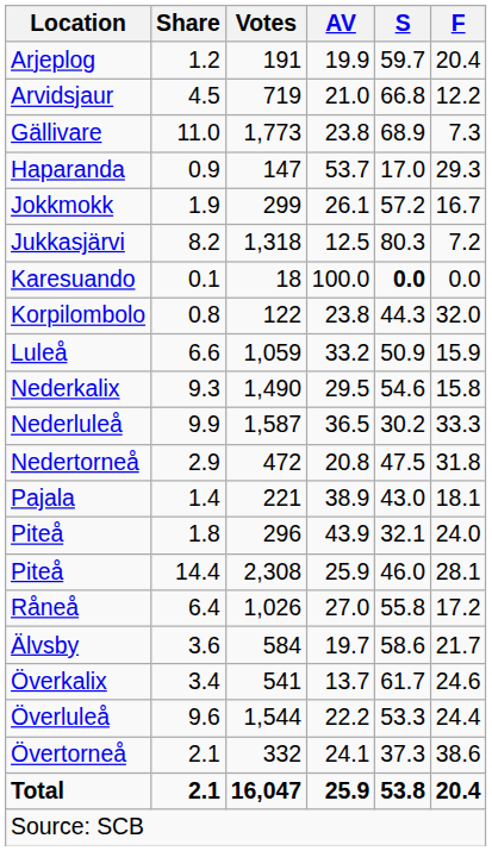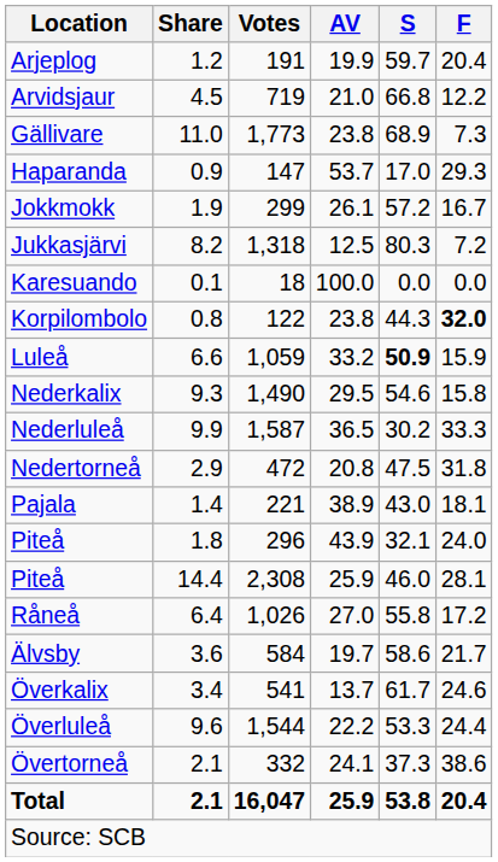 <table class="wikitable sortable" style=text-align:right>
 <tr>
 <th>Location</th>
 <th>Share</th>
 <th>Votes</th>
 <th><a href='#'>AV</a></th>
 <th><a href='#'>S</a></th>
 <th><a href='#'>F</a></th>
 </tr>
 <tr>
 <td align=left><a href='#'>Arjeplog</a></td>
 <td>1.2</td>
 <td>191</td>
 <td>19.9</td>
 <td>59.7</td>
 <td>20.4</td>
 </tr>
 <tr>
 <td align=left><a href='#'>Arvidsjaur</a></td>
 <td>4.5</td>
 <td>719</td>
 <td>21.0</td>
 <td>66.8</td>
 <td>12.2</td>
 </tr>
 <tr>
 <td align=left><a href='#'>Gällivare</a></td>
 <td>11.0</td>
 <td>1,773</td>
 <td>23.8</td>
 <td>68.9</td>
 <td>7.3</td>
 </tr>
 <tr>
 <td align=left><a href='#'>Haparanda</a></td>
 <td>0.9</td>
 <td>147</td>
 <td>53.7</td>
 <td>17.0</td>
 <td>29.3</td>
 </tr>
 <tr>
 <td align=left><a href='#'>Jokkmokk</a></td>
 <td>1.9</td>
 <td>299</td>
 <td>26.1</td>
 <td>57.2</td>
 <td>16.7</td>
 </tr>
 <tr>
 <td align=left><a href='#'>Jukkasjärvi</a></td>
 <td>8.2</td>
 <td>1,318</td>
 <td>12.5</td>
 <td>80.3</td>
 <td>7.2</td>
 </tr>
 <tr>
 <td align=left><a href='#'>Karesuando</a></td>
 <td>0.1</td>
 <td>18</td>
 <td>100.0</td>
-<td><strong>0.0</strong></td>
+<td>0.0</td>
 <td>0.0</td>
 </tr>
 <tr>
 <td align=left><a href='#'>Korpilombolo</a></td>
 <td>0.8</td>
 <td>122</td>
 <td>23.8</td>
 <td>44.3</td>
-<td>32.0</td>
+<td><strong>32.0</strong></td>
 </tr>
 <tr>
 <td align=left><a href='#'>Luleå</a></td>
 <td>6.6</td>
 <td>1,059</td>
 <td>33.2</td>
-<td>50.9</td>
+<td><strong>50.9</strong></td>
 <td>15.9</td>
 </tr>
 <tr>
 <td align=left><a href='#'>Nederkalix</a></td>
 <td>9.3</td>
 <td>1,490</td>
 <td>29.5</td>
 <td>54.6</td>
 <td>15.8</td>
 </tr>
 <tr>
 <td align=left><a href='#'>Nederluleå</a></td>
 <td>9.9</td>
 <td>1,587</td>
 <td>36.5</td>
 <td>30.2</td>
 <td>33.3</td>
 </tr>
 <tr>
 <td align=left><a href='#'>Nedertorneå</a></td>
 <td>2.9</td>
 <td>472</td>
 <td>20.8</td>
 <td>47.5</td>
 <td>31.8</td>
 </tr>
 <tr>
 <td align=left><a href='#'>Pajala</a></td>
 <td>1.4</td>
 <td>221</td>
 <td>38.9</td>
 <td>43.0</td>
 <td>18.1</td>
 </tr>
 <tr>
 <td align=left><a href='#'>Piteå</a></td>
 <td>1.8</td>
 <td>296</td>
 <td>43.9</td>
 <td>32.1</td>
 <td>24.0</td>
 </tr>
 <tr>
 <td align=left><a href='#'>Piteå</a></td>
 <td>14.4</td>
 <td>2,308</td>
 <td>25.9</td>
 <td>46.0</td>
 <td>28.1</td>
 </tr>
 <tr>
 <td align=left><a href='#'>Råneå</a></td>
 <td>6.4</td>
 <td>1,026</td>
 <td>27.0</td>
 <td>55.8</td>
 <td>17.2</td>
 </tr>
 <tr>
 <td align=left><a href='#'>Älvsby</a></td>
 <td>3.6</td>
 <td>584</td>
 <td>19.7</td>
 <td>58.6</td>
 <td>21.7</td>
 </tr>
 <tr>
 <td align=left><a href='#'>Överkalix</a></td>
 <td>3.4</td>
 <td>541</td>
 <td>13.7</td>
 <td>61.7</td>
 <td>24.6</td>
 </tr>
 <tr>
 <td align=left><a href='#'>Överluleå</a></td>
 <td>9.6</td>
 <td>1,544</td>
 <td>22.2</td>
 <td>53.3</td>
 <td>24.4</td>
 </tr>
 <tr>
 <td align=left><a href='#'>Övertorneå</a></td>
 <td>2.1</td>
 <td>332</td>
 <td>24.1</td>
 <td>37.3</td>
 <td>38.6</td>
 </tr>
 <tr>
 <td align=left><strong>Total</strong></td>
 <td><strong>2.1</strong></td>
 <td><strong>16,047</strong></td>
 <td><strong>25.9</strong></td>
 <td><strong>53.8</strong></td>
 <td><strong>20.4</strong></td>
 </tr>
 <tr>
 <td align=left colspan=6>Source: SCB </td>
 </tr>
 </table>
